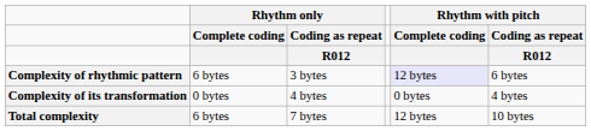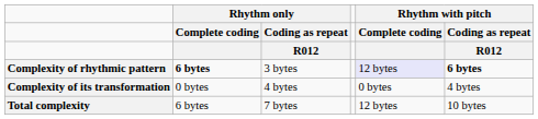 <table class="wikitable" width="auto" style="text-align:left;">
 <tr>
 <td !style="text-align:left;"></td>
 <th colspan="2">Rhythm only</th>
 <td></td>
 <th colspan="2">Rhythm with pitch</th>
 </tr>
 <tr>
 <td></td>
 <th>Complete coding</th>
 <th>Coding as repeat</th>
 <td></td>
 <th>Complete coding</th>
 <th>Coding as repeat</th>
 </tr>
 <tr>
 <td></td>
 <th></th>
 <th> R012</th>
 <td></td>
 <th> </th>
 <th> R012</th>
 </tr>
 <tr>
 <th style="text-align:left;">Complexity of rhythmic pattern</th>
-<td>6 bytes</td>
+<td><strong>6 bytes</strong></td>
 <td>3 bytes</td>
 <td></td>
 <td style="background: lavender;">12 bytes</td>
-<td>6 bytes</td>
+<td><strong>6 bytes</strong></td>
 </tr>
 <tr>
 <th style="text-align:left;">Complexity of its transformation</th>
 <td>0 bytes</td>
 <td>4 bytes</td>
 <td></td>
 <td>0 bytes</td>
 <td>4 bytes</td>
 </tr>
 <tr>
 <th style="text-align:left;">Total complexity</th>
 <td>6 bytes</td>
 <td>7 bytes</td>
 <td></td>
 <td>12 bytes</td>
 <td>10 bytes</td>
 </tr>
 </table>
